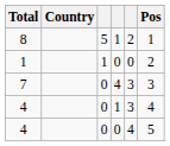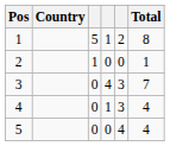 <table class=wikitable style="font-size:95%; text-align: center">
 <tr>
-<th>Total</th>
+<th>Pos</th>
 <th>Country</th>
 <th></th>
 <th></th>
 <th></th>
-<th>Pos</th>
+<th>Total</th>
 </tr>
 <tr>
-<td>8</td>
+<td>1</td>
 <td style="text-align:left"></td>
 <td>5</td>
 <td>1</td>
 <td>2</td>
-<td>1</td>
+<td>8</td>
 </tr>
 <tr>
-<td>1</td>
+<td>2</td>
 <td style="text-align:left"></td>
 <td>1</td>
 <td>0</td>
 <td>0</td>
-<td>2</td>
+<td>1</td>
 </tr>
 <tr>
-<td>7</td>
+<td>3</td>
 <td style="text-align:left"></td>
 <td>0</td>
 <td>4</td>
 <td>3</td>
-<td>3</td>
+<td>7</td>
 </tr>
 <tr>
 <td>4</td>
 <td style="text-align:left"></td>
 <td>0</td>
 <td>1</td>
 <td>3</td>
 <td>4</td>
 </tr>
 <tr>
-<td>4</td>
+<td>5</td>
 <td style="text-align:left"></td>
 <td>0</td>
 <td>0</td>
 <td>4</td>
-<td>5</td>
+<td>4</td>
 </tr>
 </table>
